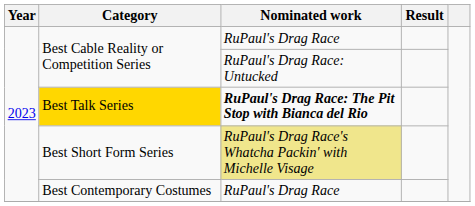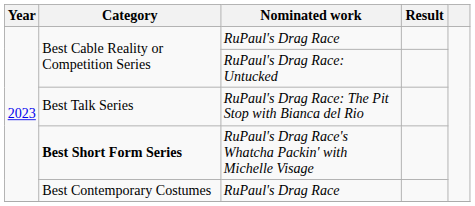 <table class="wikitable" style="width:85%;">
 <tr>
 <th width=5%>Year</th>
 <th style="width:40%;">Category</th>
 <th style="width:40%;">Nominated work</th>
 <th style="width:10%;">Result</th>
 <th width=5%></th>
 </tr>
 <tr>
 <td rowspan="5" style="text-align: center;"><a href='#'>2023</a></td>
 <td rowspan="2">Best Cable Reality or Competition Series</td>
 <td><em>RuPaul's Drag Race</em></td>
 <td></td>
 <td rowspan="5" align="center"></td>
 </tr>
 <tr>
 <td><em>RuPaul's Drag Race: Untucked</em></td>
 <td></td>
 </tr>
 <tr>
-<td style="background: gold;">Best Talk Series</td>
-<td><strong><em>RuPaul's Drag Race: The Pit Stop with Bianca del Rio</em></strong></td>
+<td>Best Talk Series</td>
+<td><em>RuPaul's Drag Race: The Pit Stop with Bianca del Rio</em></td>
 <td></td>
 </tr>
 <tr>
-<td>Best Short Form Series</td>
-<td style="background: khaki;"><em>RuPaul's Drag Race's Whatcha Packin' with Michelle Visage</em></td>
+<td><strong>Best Short Form Series</strong></td>
+<td><em>RuPaul's Drag Race's Whatcha Packin' with Michelle Visage</em></td>
 <td></td>
 </tr>
 <tr>
 <td>Best Contemporary Costumes</td>
 <td><em>RuPaul's Drag Race</em></td>
 <td></td>
 </tr>
 <tr>
 </tr>
 </table>
